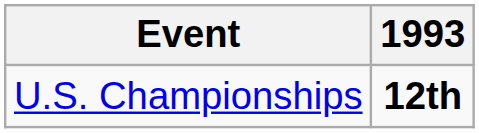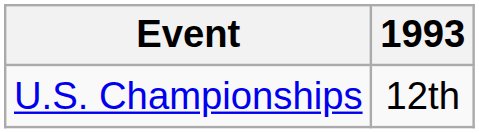 <table class="wikitable" style="text-align:center">
 <tr>
 <th>Event</th>
 <th>1993</th>
 </tr>
 <tr>
 <td align=left><a href='#'>U.S. Championships</a></td>
-<td><strong>12th</strong></td>
+<td>12th</td>
 </tr>
 </table>
